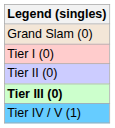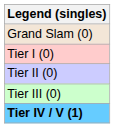 <table class="wikitable sortable">
 <tr>
 <th>Legend (singles)</th>
 </tr>
 <tr style="background:#f3e6d7;">
 <td>Grand Slam (0)</td>
 </tr>
 <tr style="background:#fcc;">
 <td>Tier I (0)</td>
 </tr>
 <tr style="background:#ccf;">
 <td>Tier II (0)</td>
 </tr>
 <tr style="background:#cfc;">
-<td><strong>Tier III (0)</strong></td>
+<td>Tier III (0)</td>
 </tr>
 <tr style="background:#6cf;">
-<td>Tier IV / V (1)</td>
+<td><strong>Tier IV / V (1)</strong></td>
 </tr>
 </table>
